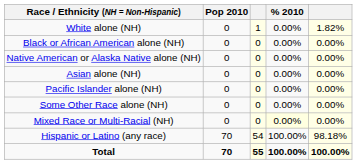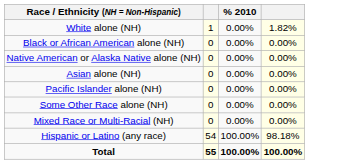 <table class="wikitable" style="text-align:center;">
 <tr>
 <th>Race / Ethnicity <small>(<em>NH = Non-Hispanic</em>)</small></th>
-<th>Pop 2010</th>
 <th></th>
 <th>% 2010</th>
 <th></th>
 </tr>
 <tr>
 <td><a href='#'>White</a> alone (NH)</td>
-<td>0</td>
 <td style='background: #ffffe6;'>1</td>
 <td>0.00%</td>
 <td style='background: #ffffe6;'>1.82%</td>
 </tr>
 <tr>
 <td><a href='#'>Black or African American</a> alone (NH)</td>
-<td>0</td>
 <td style='background: #ffffe6;'>0</td>
 <td>0.00%</td>
 <td style='background: #ffffe6;'>0.00%</td>
 </tr>
 <tr>
 <td><a href='#'>Native American</a> or <a href='#'>Alaska Native</a> alone (NH)</td>
-<td>0</td>
 <td style='background: #ffffe6;'>0</td>
 <td>0.00%</td>
 <td style='background: #ffffe6;'>0.00%</td>
 </tr>
 <tr>
 <td><a href='#'>Asian</a> alone (NH)</td>
-<td>0</td>
 <td style='background: #ffffe6;'>0</td>
 <td>0.00%</td>
 <td style='background: #ffffe6;'>0.00%</td>
 </tr>
 <tr>
 <td><a href='#'>Pacific Islander</a> alone (NH)</td>
-<td>0</td>
 <td style='background: #ffffe6;'>0</td>
 <td>0.00%</td>
 <td style='background: #ffffe6;'>0.00%</td>
 </tr>
 <tr>
 <td><a href='#'>Some Other Race</a> alone (NH)</td>
-<td>0</td>
 <td style='background: #ffffe6;'>0</td>
 <td>0.00%</td>
 <td style='background: #ffffe6;'>0.00%</td>
 </tr>
 <tr>
 <td><a href='#'>Mixed Race or Multi-Racial</a> (NH)</td>
-<td>0</td>
 <td style='background: #ffffe6;'>0</td>
-<td style="background: lightyellow;">0.00%</td>
+<td>0.00%</td>
 <td style='background: #ffffe6;'>0.00%</td>
 </tr>
 <tr>
 <td><a href='#'>Hispanic or Latino</a> (any race)</td>
-<td>70</td>
 <td style='background: #ffffe6;'>54</td>
 <td>100.00%</td>
 <td style='background: #ffffe6;'>98.18%</td>
 </tr>
 <tr>
 <td><strong>Total</strong></td>
-<td><strong>70</strong></td>
 <td style='background: #ffffe6;'><strong>55</strong></td>
 <td><strong>100.00%</strong></td>
 <td style='background: #ffffe6;'><strong>100.00%</strong></td>
 </tr>
 </table>
